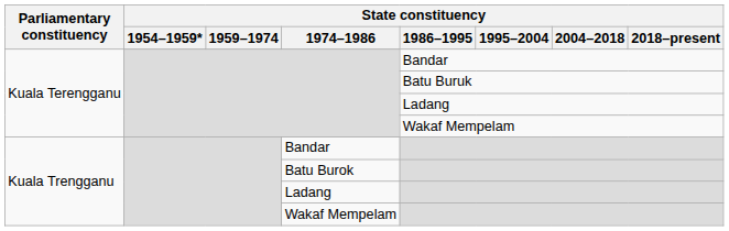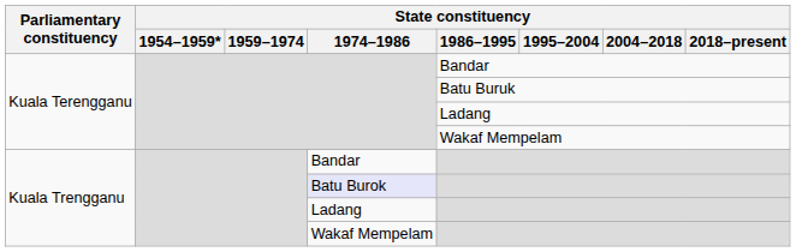 <table class="wikitable">
 <tr>
 <th rowspan="2">Parliamentary<br>constituency</th>
 <th colspan="7">State constituency</th>
 </tr>
 <tr>
 <th>1954–1959*</th>
 <th>1959–1974</th>
 <th>1974–1986</th>
 <th>1986–1995</th>
 <th>1995–2004</th>
 <th>2004–2018</th>
 <th>2018–present</th>
 </tr>
 <tr>
 <td rowspan="4">Kuala Terengganu</td>
 <td colspan="3" rowspan="4" bgcolor="dcdcdc"></td>
 <td colspan="4">Bandar</td>
 </tr>
 <tr>
 <td colspan="4">Batu Buruk</td>
 </tr>
 <tr>
 <td colspan="4">Ladang</td>
 </tr>
 <tr>
 <td colspan="4">Wakaf Mempelam</td>
 </tr>
 <tr>
 <td rowspan="4">Kuala Trengganu</td>
 <td colspan="2" rowspan="4" bgcolor="dcdcdc"></td>
 <td>Bandar</td>
 <td colspan="4" bgcolor="dcdcdc"></td>
 </tr>
 <tr>
-<td>Batu Burok</td>
+<td style="background: lavender;">Batu Burok</td>
 <td colspan="4" bgcolor="dcdcdc"></td>
 </tr>
 <tr>
 <td>Ladang</td>
 <td colspan="4" bgcolor="dcdcdc"></td>
 </tr>
 <tr>
 <td>Wakaf Mempelam</td>
 <td colspan="4" bgcolor="dcdcdc"></td>
 </tr>
 </table>
